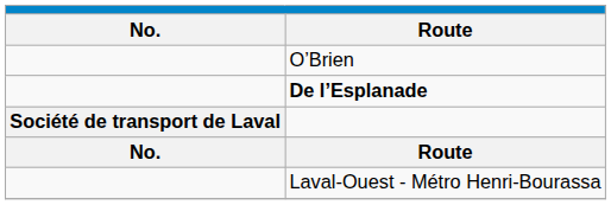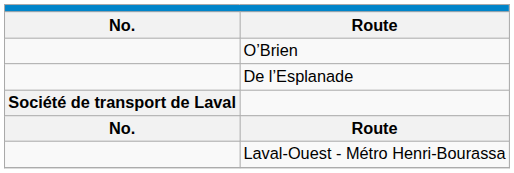 <table align=center class="wikitable">
 <tr>
 <th style="background: #0085CA; font-size:100%; color:#FFFFFF;"colspan="4"><a href='#'></a></th>
 </tr>
 <tr>
 <th>No.</th>
 <th>Route</th>
 </tr>
 <tr>
 <td></td>
 <td>O’Brien</td>
 </tr>
 <tr>
 <td></td>
-<td><strong>De l’Esplanade</strong></td>
+<td>De l’Esplanade</td>
 </tr>
 <tr>
 <th style="background: #">Société de transport de Laval</th>
 </tr>
 <tr>
 <th>No.</th>
 <th>Route</th>
 </tr>
 <tr>
 <td></td>
 <td>Laval-Ouest - Métro Henri-Bourassa</td>
 </tr>
 <tr>
 </tr>
 </table>
